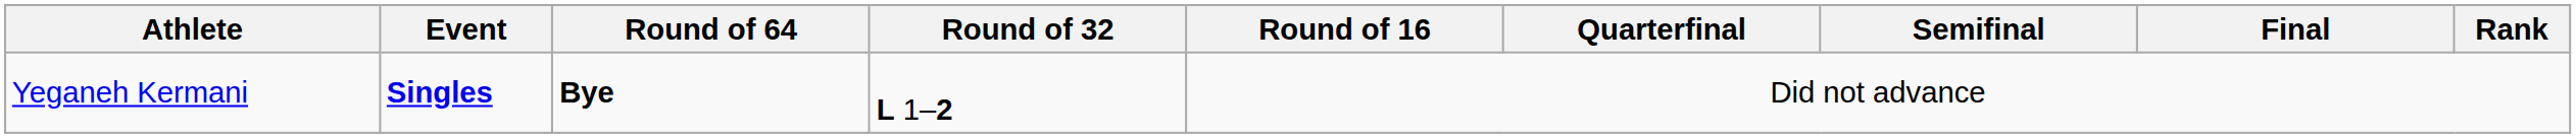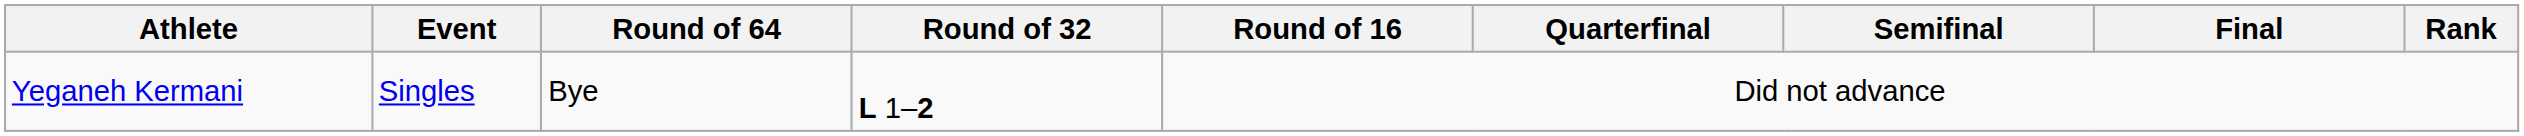 <table class="wikitable" width="98%" style="text-align:left; font-size:90%">
 <tr>
 <th width="13%">Athlete</th>
 <th width="6%">Event</th>
 <th width="11%">Round of 64</th>
 <th width="11%">Round of 32</th>
 <th width="11%">Round of 16</th>
 <th width="11%">Quarterfinal</th>
 <th width="11%">Semifinal</th>
 <th width="11%">Final</th>
 <th width="4%">Rank</th>
 </tr>
 <tr>
 <td><a href='#'>Yeganeh Kermani</a></td>
-<td><strong><a href='#'>Singles</a></strong></td>
-<td><strong>Bye</strong></td>
+<td><a href='#'>Singles</a></td>
+<td>Bye</td>
 <td><br><strong>L</strong> 1–<strong>2</strong></td>
 <td colspan="5" align=center>Did not advance</td>
 </tr>
 </table>
